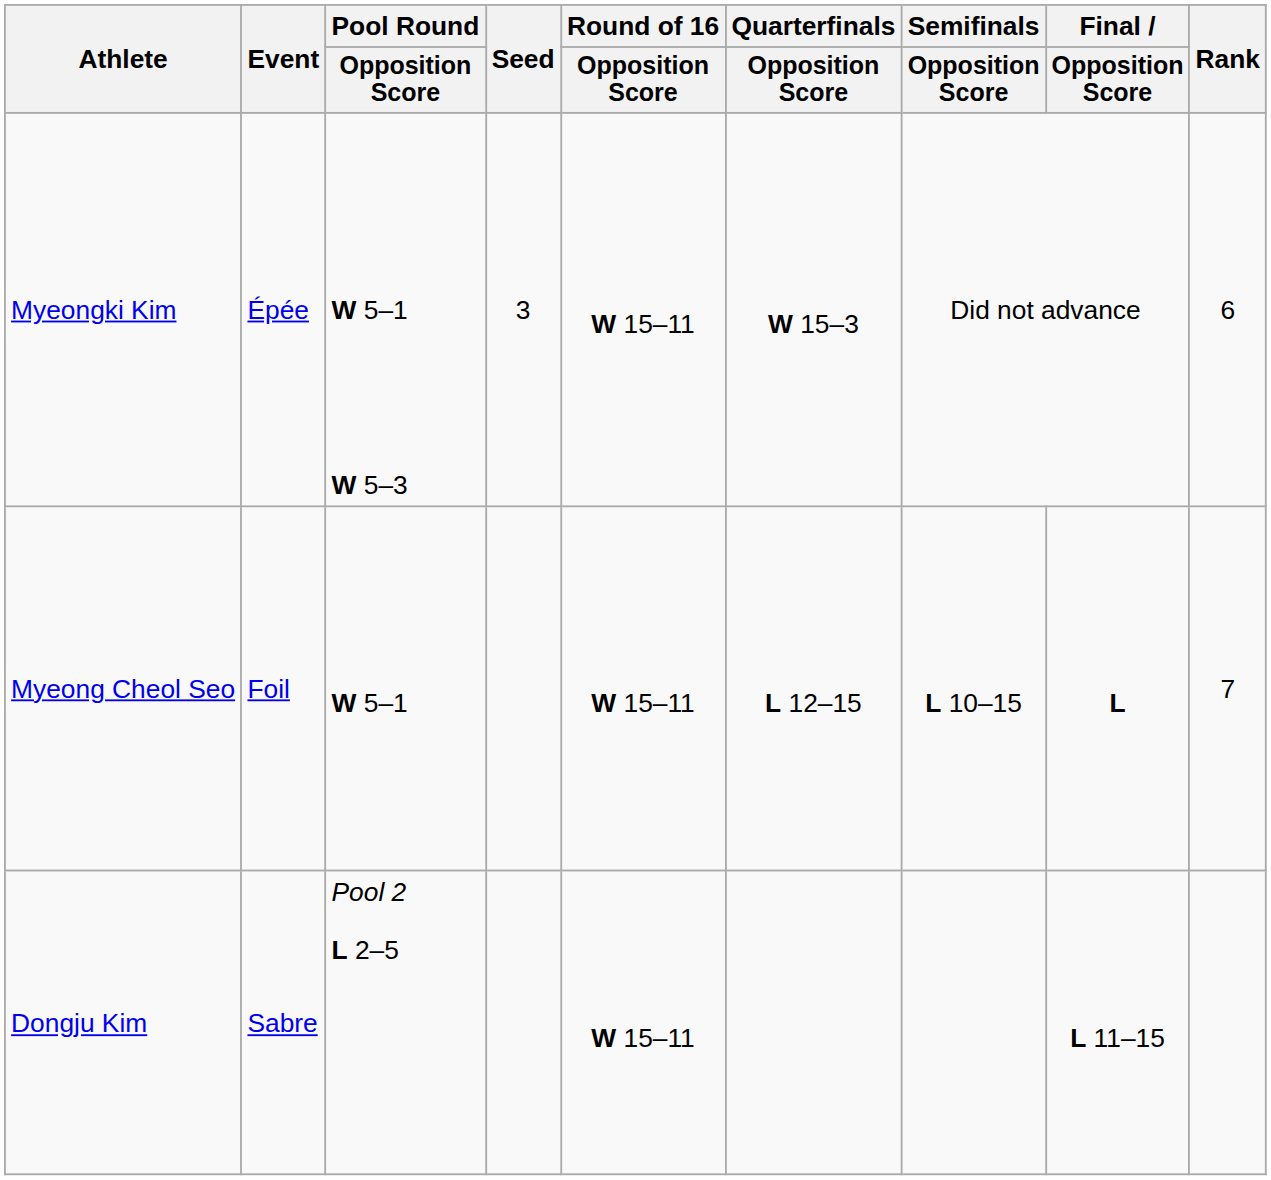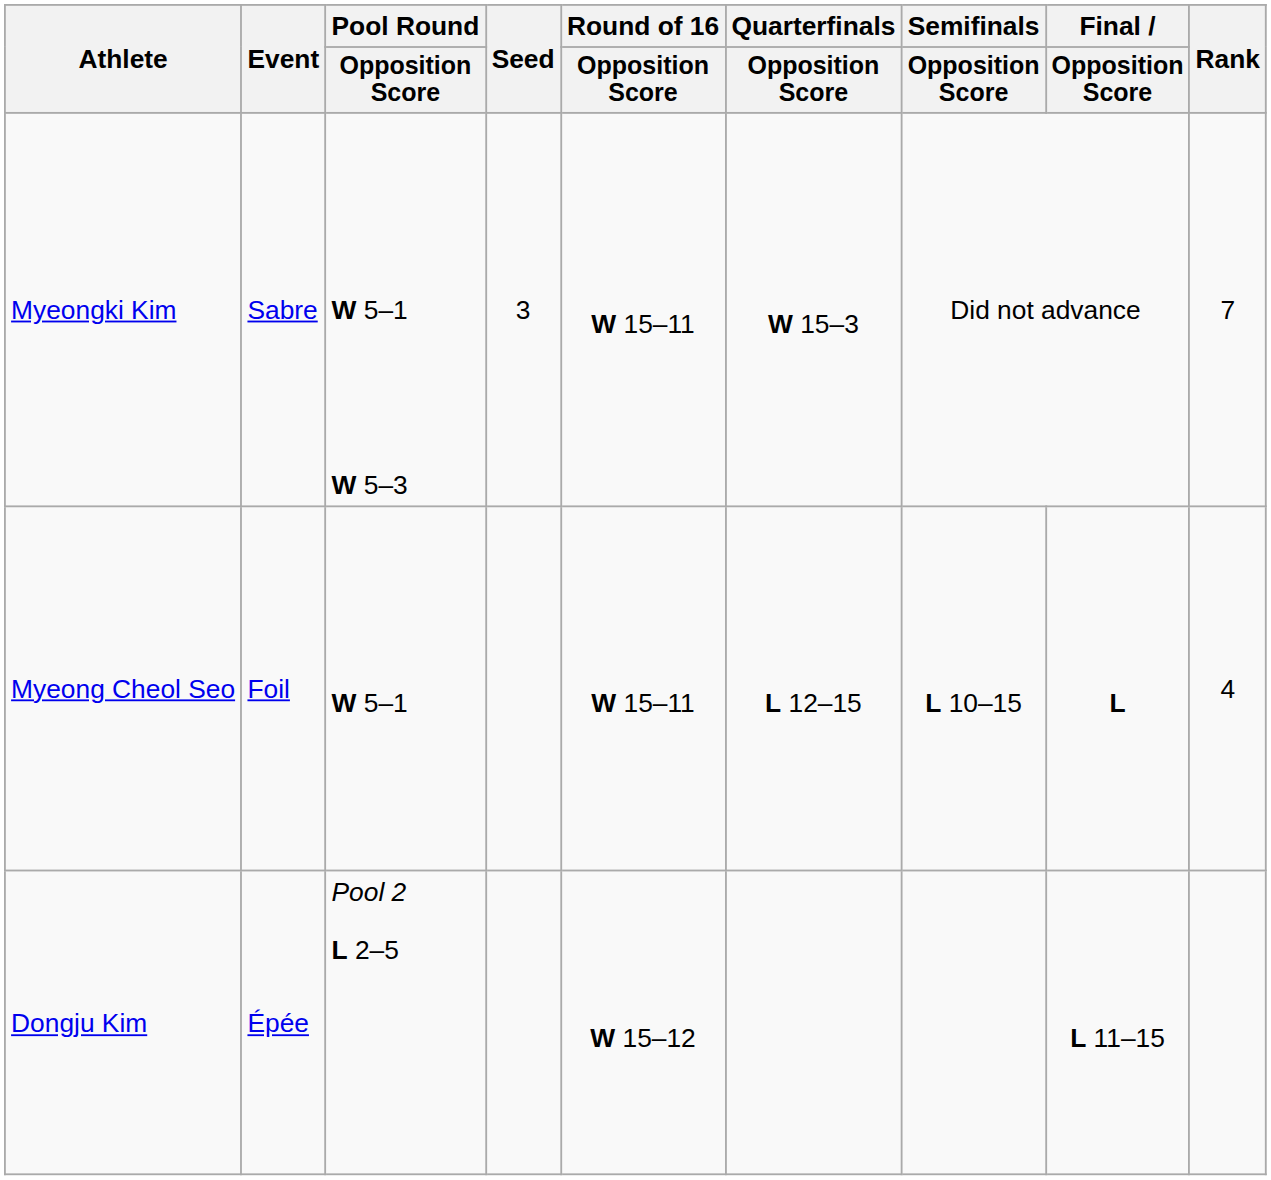 <table class=wikitable style="font-size:90%">
 <tr>
 <th rowspan="2">Athlete</th>
 <th rowspan="2">Event</th>
 <th>Pool Round</th>
 <th rowspan="2">Seed</th>
 <th>Round of 16</th>
 <th>Quarterfinals</th>
 <th>Semifinals</th>
 <th>Final / </th>
 <th rowspan=2>Rank</th>
 </tr>
 <tr style="font-size:95%">
 <th>Opposition<br>Score</th>
 <th>Opposition<br>Score</th>
 <th>Opposition<br>Score</th>
 <th>Opposition<br>Score</th>
 <th>Opposition<br>Score</th>
 </tr>
 <tr align=center>
 <td align=left><a href='#'>Myeongki Kim</a></td>
-<td align=left><a href='#'>Épée</a></td>
+<td align=left><a href='#'>Sabre</a></td>
 <td align=left><br><br> <br><br> <br><br><strong>W</strong> 5–1<br><br> <br><br> <br><br><strong>W</strong> 5–3</td>
 <td>3</td>
 <td><br> <strong>W</strong> 15–11</td>
 <td><br> <strong>W</strong> 15–3</td>
 <td colspan=2>Did not advance</td>
-<td>6</td>
+<td>7</td>
 </tr>
 <tr align=center>
 <td align=left><a href='#'>Myeong Cheol Seo</a></td>
 <td align=left><a href='#'>Foil</a></td>
 <td align=left><br><br> <br><br> <br><br><strong>W</strong> 5–1<br><br> <br><br> <br><br></td>
 <td></td>
 <td><br> <strong>W</strong> 15–11</td>
 <td><br><strong>L</strong> 12–15</td>
 <td><br><strong>L</strong> 10–15</td>
 <td><br><strong>L</strong></td>
-<td>7</td>
+<td>4</td>
 </tr>
 <tr align=center>
 <td align=left><a href='#'>Dongju Kim</a></td>
-<td align=left><a href='#'>Sabre</a></td>
+<td align=left><a href='#'>Épée</a></td>
 <td align=left><em>Pool 2</em><br><br><strong>L</strong> 2–5<br><br> <br><br> <br><br> <br><br></td>
 <td></td>
-<td><br> <strong>W</strong> 15–11</td>
+<td><br><strong>W</strong> 15–12</td>
 <td></td>
 <td></td>
 <td><br><strong>L</strong> 11–15</td>
 <td></td>
 </tr>
 </table>
